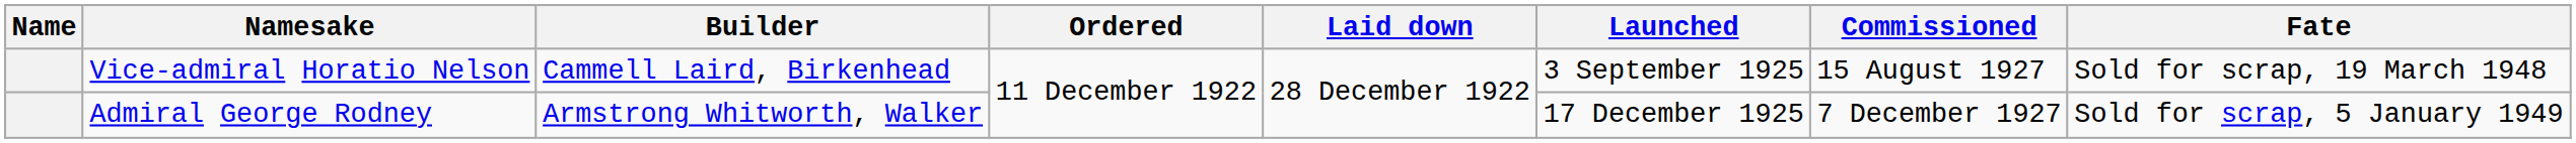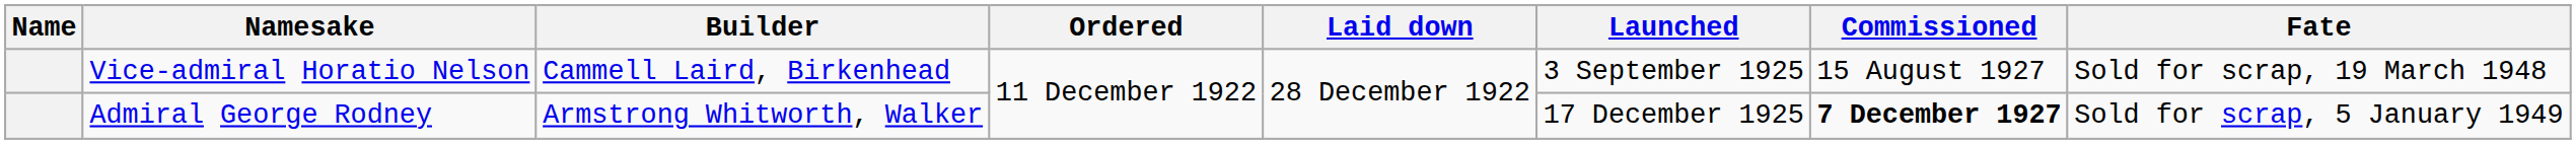 <table class="wikitable plainrowheaders">
 <tr>
 <th scope="col">Name</th>
 <th scope="col">Namesake</th>
 <th scope="col">Builder</th>
 <th scope="col">Ordered</th>
 <th scope="col"><a href='#'>Laid down</a></th>
 <th scope="col"><a href='#'>Launched</a></th>
 <th scope="col"><a href='#'>Commissioned</a></th>
 <th>Fate</th>
 </tr>
 <tr>
 <th scope="row"></th>
 <td><a href='#'>Vice-admiral</a> <a href='#'>Horatio Nelson</a></td>
 <td><a href='#'>Cammell Laird</a>, <a href='#'>Birkenhead</a></td>
 <td rowspan=2>11 December 1922</td>
 <td rowspan=2>28 December 1922</td>
 <td>3 September 1925</td>
 <td>15 August 1927</td>
 <td>Sold for scrap, 19 March 1948</td>
 </tr>
 <tr>
 <th scope="row"></th>
 <td><a href='#'>Admiral</a> <a href='#'>George Rodney</a></td>
 <td><a href='#'>Armstrong Whitworth</a>, <a href='#'>Walker</a></td>
 <td>17 December 1925</td>
-<td>7 December 1927</td>
+<td><strong>7 December 1927</strong></td>
 <td>Sold for <a href='#'>scrap</a>, 5 January 1949</td>
 </tr>
 </table>
